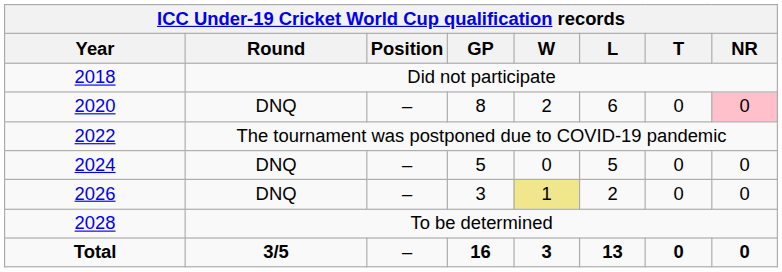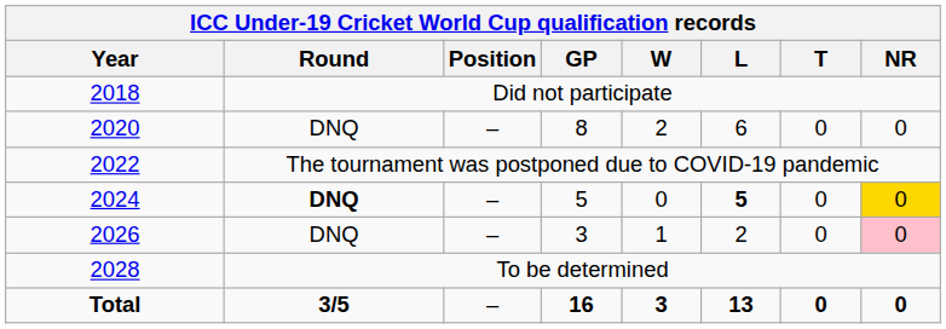 <table class="wikitable" style="text-align: center; width=900px;">
 <tr>
 <th colspan=9><a href='#'>ICC Under-19 Cricket World Cup qualification</a> records</th>
 </tr>
 <tr>
 <th width=150>Year</th>
 <th width=150>Round</th>
 <th width=50>Position</th>
 <th width=50>GP</th>
 <th width=50>W</th>
 <th width=50>L</th>
 <th width=50>T</th>
 <th width=50>NR</th>
 </tr>
 <tr>
 <td> <a href='#'>2018</a></td>
 <td colspan=8>Did not participate</td>
 </tr>
 <tr>
 <td> <a href='#'>2020</a></td>
 <td>DNQ</td>
 <td>–</td>
 <td>8</td>
 <td>2</td>
 <td>6</td>
 <td>0</td>
-<td style="background: pink;">0</td>
+<td>0</td>
 </tr>
 <tr>
 <td> <a href='#'>2022</a></td>
 <td colspan=8>The tournament was postponed due to COVID-19 pandemic</td>
 </tr>
 <tr>
 <td> <a href='#'>2024</a></td>
-<td>DNQ</td>
+<td><strong>DNQ</strong></td>
 <td>–</td>
 <td>5</td>
 <td>0</td>
-<td>5</td>
+<td><strong>5</strong></td>
 <td>0</td>
-<td>0</td>
+<td style="background: gold;">0</td>
 </tr>
 <tr>
 <td> <a href='#'>2026</a></td>
 <td>DNQ</td>
 <td>–</td>
 <td>3</td>
-<td style="background: khaki;">1</td>
+<td>1</td>
 <td>2</td>
 <td>0</td>
-<td>0</td>
+<td style="background: pink;">0</td>
 </tr>
 <tr>
 <td> <a href='#'>2028</a></td>
 <td rowspan=1 colspan=8>To be determined</td>
 </tr>
 <tr>
 <td><strong>Total</strong></td>
 <td><strong>3/5</strong></td>
 <td>–</td>
 <td><strong>16</strong></td>
 <td><strong>3</strong></td>
 <td><strong>13</strong></td>
 <td><strong>0</strong></td>
 <td><strong>0</strong></td>
 </tr>
 </table>
